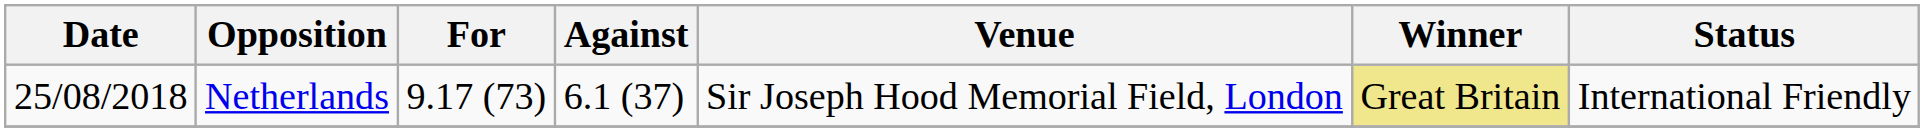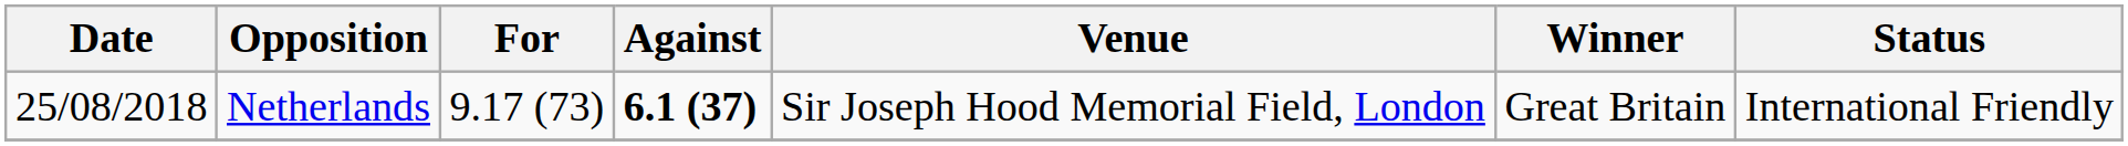 <table class="wikitable sortable">
 <tr>
 <th>Date</th>
 <th>Opposition</th>
 <th>For</th>
 <th>Against</th>
 <th>Venue</th>
 <th>Winner</th>
 <th>Status</th>
 </tr>
 <tr>
 <td>25/08/2018</td>
 <td><a href='#'>Netherlands</a> </td>
 <td>9.17 (73)</td>
-<td>6.1 (37)</td>
+<td><strong>6.1 (37)</strong></td>
 <td>Sir Joseph Hood Memorial Field, <a href='#'>London</a></td>
-<td style="background: khaki;">Great Britain</td>
+<td>Great Britain</td>
 <td>International Friendly</td>
 </tr>
 <tr>
 </tr>
 </table>
